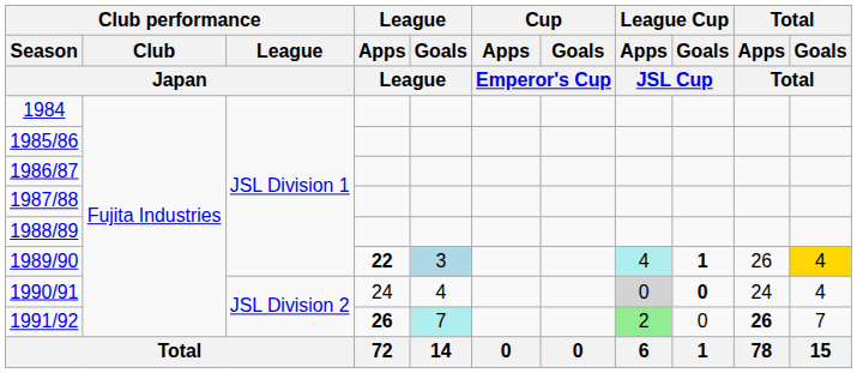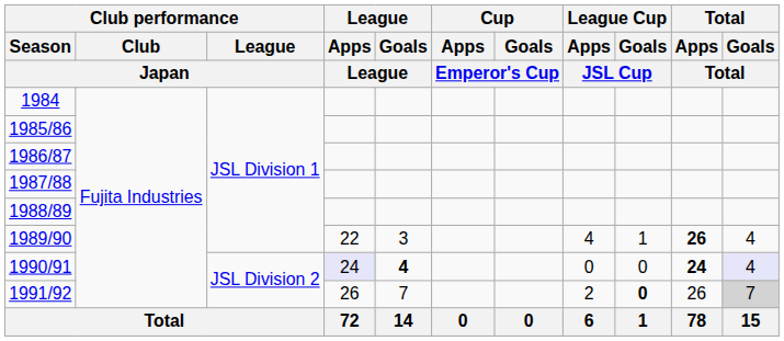 <table class="wikitable" style="text-align:center;">
 <tr>
 <th colspan=3>Club performance</th>
 <th colspan=2>League</th>
 <th colspan=2>Cup</th>
 <th colspan=2>League Cup</th>
 <th colspan=2>Total</th>
 </tr>
 <tr>
 <th>Season</th>
 <th>Club</th>
 <th>League</th>
 <th>Apps</th>
 <th>Goals</th>
 <th>Apps</th>
 <th>Goals</th>
 <th>Apps</th>
 <th>Goals</th>
 <th>Apps</th>
 <th>Goals</th>
 </tr>
 <tr>
 <th colspan=3>Japan</th>
 <th colspan=2>League</th>
 <th colspan=2><a href='#'>Emperor's Cup</a></th>
 <th colspan=2><a href='#'>JSL Cup</a></th>
 <th colspan=2>Total</th>
 </tr>
 <tr>
 <td><a href='#'>1984</a></td>
 <td rowspan="8"><a href='#'>Fujita Industries</a></td>
 <td rowspan="6"><a href='#'>JSL Division 1</a></td>
 <td></td>
 <td></td>
 <td></td>
 <td></td>
 <td></td>
 <td></td>
 <td></td>
 <td></td>
 </tr>
 <tr>
 <td><a href='#'>1985/86</a></td>
 <td></td>
 <td></td>
 <td></td>
 <td></td>
 <td></td>
 <td></td>
 <td></td>
 <td></td>
 </tr>
 <tr>
 <td><a href='#'>1986/87</a></td>
 <td></td>
 <td></td>
 <td></td>
 <td></td>
 <td></td>
 <td></td>
 <td></td>
 <td></td>
 </tr>
 <tr>
 <td><a href='#'>1987/88</a></td>
 <td></td>
 <td></td>
 <td></td>
 <td></td>
 <td></td>
 <td></td>
 <td></td>
 <td></td>
 </tr>
 <tr>
 <td><a href='#'>1988/89</a></td>
 <td></td>
 <td></td>
 <td></td>
 <td></td>
 <td></td>
 <td></td>
 <td></td>
 <td></td>
 </tr>
 <tr>
 <td><a href='#'>1989/90</a></td>
-<td><strong>22</strong></td>
-<td style="background: lightblue;">3</td>
+<td>22</td>
+<td>3</td>
 <td></td>
 <td></td>
-<td style="background: paleturquoise;">4</td>
-<td><strong>1</strong></td>
-<td>26</td>
-<td style="background: gold;">4</td>
+<td>4</td>
+<td>1</td>
+<td><strong>26</strong></td>
+<td>4</td>
 </tr>
 <tr>
 <td><a href='#'>1990/91</a></td>
 <td rowspan="2"><a href='#'>JSL Division 2</a></td>
-<td>24</td>
-<td>4</td>
+<td style="background: lavender;">24</td>
+<td><strong>4</strong></td>
 <td></td>
 <td></td>
-<td style="background: lightgrey;">0</td>
-<td><strong>0</strong></td>
-<td>24</td>
-<td>4</td>
+<td>0</td>
+<td>0</td>
+<td><strong>24</strong></td>
+<td style="background: lavender;">4</td>
 </tr>
 <tr>
 <td><a href='#'>1991/92</a></td>
-<td><strong>26</strong></td>
-<td style="background: paleturquoise;">7</td>
+<td>26</td>
+<td>7</td>
 <td></td>
 <td></td>
-<td style="background: lightgreen;">2</td>
-<td>0</td>
-<td><strong>26</strong></td>
-<td>7</td>
+<td>2</td>
+<td><strong>0</strong></td>
+<td>26</td>
+<td style="background: lightgrey;">7</td>
 </tr>
 <tr>
 <th colspan=3>Total</th>
 <th>72</th>
 <th>14</th>
 <th>0</th>
 <th>0</th>
 <th>6</th>
 <th>1</th>
 <th>78</th>
 <th>15</th>
 </tr>
 </table>
